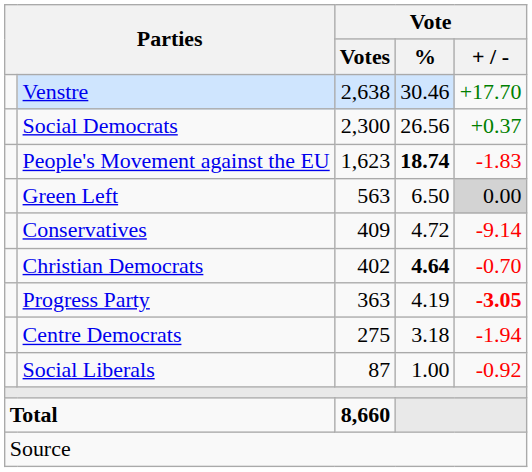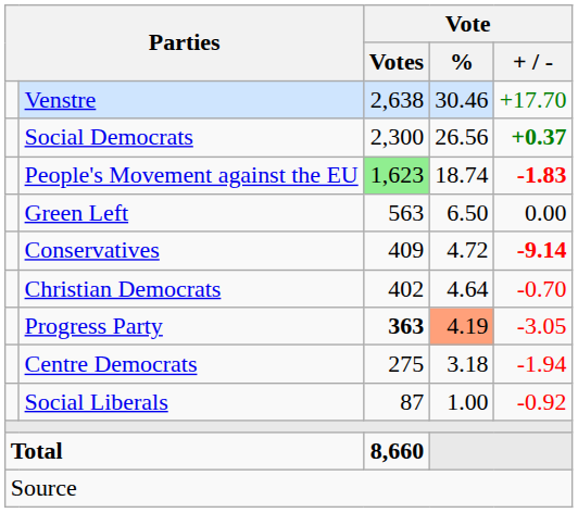 <table class="wikitable" style="text-align:right;">
 <tr>
 <th style="text-align:centre;" rowspan="2" colspan="2" width="225">Parties</th>
 <th colspan="3">Vote</th>
 </tr>
 <tr>
 <th width="15">Votes</th>
 <th width="15">%</th>
 <th width="15">+ / -</th>
 </tr>
 <tr>
 <td width="2" style="color:inherit;background:"></td>
 <td bgcolor=#cfe5fe   align="left"><a href='#'>Venstre</a></td>
 <td bgcolor=#cfe5fe>2,638</td>
 <td bgcolor=#cfe5fe>30.46</td>
 <td style=color:green;>+17.70</td>
 </tr>
 <tr>
 <td width="2" style="color:inherit;background:"></td>
 <td align="left"><a href='#'>Social Democrats</a></td>
 <td>2,300</td>
 <td>26.56</td>
-<td style=color:green;>+0.37</td>
+<td style=color:green;><strong>+0.37</strong></td>
 </tr>
 <tr>
 <td width="2" style="color:inherit;background:"></td>
 <td align="left"><a href='#'>People's Movement against the EU</a></td>
-<td>1,623</td>
-<td><strong>18.74</strong></td>
-<td style=color:red;>-1.83</td>
+<td style="background: lightgreen;">1,623</td>
+<td>18.74</td>
+<td style=color:red;><strong>-1.83</strong></td>
 </tr>
 <tr>
 <td width="2" style="color:inherit;background:"></td>
 <td align="left"><a href='#'>Green Left</a></td>
 <td>563</td>
 <td>6.50</td>
-<td style="background: lightgrey;">0.00</td>
+<td>0.00</td>
 </tr>
 <tr>
 <td width="2" style="color:inherit;background:"></td>
 <td align="left"><a href='#'>Conservatives</a></td>
 <td>409</td>
 <td>4.72</td>
-<td style=color:red;>-9.14</td>
+<td style=color:red;><strong>-9.14</strong></td>
 </tr>
 <tr>
 <td width="2" style="color:inherit;background:"></td>
 <td align="left"><a href='#'>Christian Democrats</a></td>
 <td>402</td>
-<td><strong>4.64</strong></td>
+<td>4.64</td>
 <td style=color:red;>-0.70</td>
 </tr>
 <tr>
 <td width="2" style="color:inherit;background:"></td>
 <td align="left"><a href='#'>Progress Party</a></td>
-<td>363</td>
-<td>4.19</td>
-<td style=color:red;><strong>-3.05</strong></td>
+<td><strong>363</strong></td>
+<td style="background: lightsalmon;">4.19</td>
+<td style=color:red;>-3.05</td>
 </tr>
 <tr>
 <td width="2" style="color:inherit;background:"></td>
 <td align="left"><a href='#'>Centre Democrats</a></td>
 <td>275</td>
 <td>3.18</td>
 <td style=color:red;>-1.94</td>
 </tr>
 <tr>
 <td width="2" style="color:inherit;background:"></td>
 <td align="left"><a href='#'>Social Liberals</a></td>
 <td>87</td>
 <td>1.00</td>
 <td style=color:red;>-0.92</td>
 </tr>
 <tr>
 <td colspan="7" bgcolor="#E9E9E9"></td>
 </tr>
 <tr>
 <td align="left" colspan="2"><strong>Total</strong></td>
 <td><strong>8,660</strong></td>
 <td bgcolor="#E9E9E9" colspan="2"></td>
 </tr>
 <tr>
 <td align="left" colspan="6">Source</td>
 </tr>
 </table>
